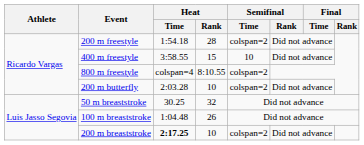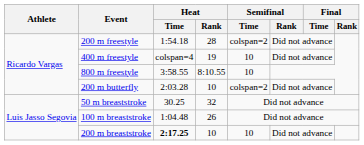 <table class=wikitable style="font-size:90%">
 <tr>
 <th rowspan=2>Athlete</th>
 <th rowspan=2>Event</th>
 <th colspan="2">Heat</th>
 <th colspan="2">Semifinal</th>
 <th colspan="2">Final</th>
 </tr>
 <tr style="font-size:95%">
 <th>Time</th>
 <th>Rank</th>
 <th>Time</th>
 <th>Rank</th>
 <th>Time</th>
 <th>Rank</th>
 </tr>
 <tr align=center>
 <td align=left rowspan=4><a href='#'>Ricardo Vargas</a></td>
 <td align=left><a href='#'>200 m freestyle</a></td>
 <td>1:54.18</td>
 <td>28</td>
 <td>colspan=2 </td>
 <td colspan=2>Did not advance</td>
 </tr>
 <tr align=center>
 <td align=left><a href='#'>400 m freestyle</a></td>
-<td>3:58.55</td>
-<td>15</td>
+<td>colspan=4 </td>
+<td>19</td>
 <td>10</td>
 <td colspan=2>Did not advance</td>
 </tr>
 <tr align=center>
 <td align=left><a href='#'>800 m freestyle</a></td>
-<td>colspan=4 </td>
+<td>3:58.55</td>
 <td>8:10.55</td>
-<td>colspan=2 </td>
+<td>10</td>
 </tr>
 <tr align=center>
 <td align=left><a href='#'>200 m butterfly</a></td>
 <td>2:03.28</td>
 <td>10</td>
 <td>colspan=2 </td>
 <td colspan=2>Did not advance</td>
 </tr>
 <tr align=center>
 <td align=left rowspan=3><a href='#'>Luis Jasso Segovia</a></td>
 <td align=left><a href='#'>50 m breaststroke</a></td>
 <td>30.25</td>
 <td>32</td>
 <td colspan=4>Did not advance</td>
 </tr>
 <tr align=center>
 <td align=left><a href='#'>100 m breaststroke</a></td>
 <td>1:04.48</td>
 <td>26</td>
 <td colspan=4>Did not advance</td>
 </tr>
 <tr align=center>
 <td align=left><a href='#'>200 m breaststroke</a></td>
 <td><strong>2:17.25</strong></td>
 <td>10</td>
-<td>colspan=2 </td>
+<td>10</td>
 <td colspan=2>Did not advance</td>
 </tr>
 </table>
